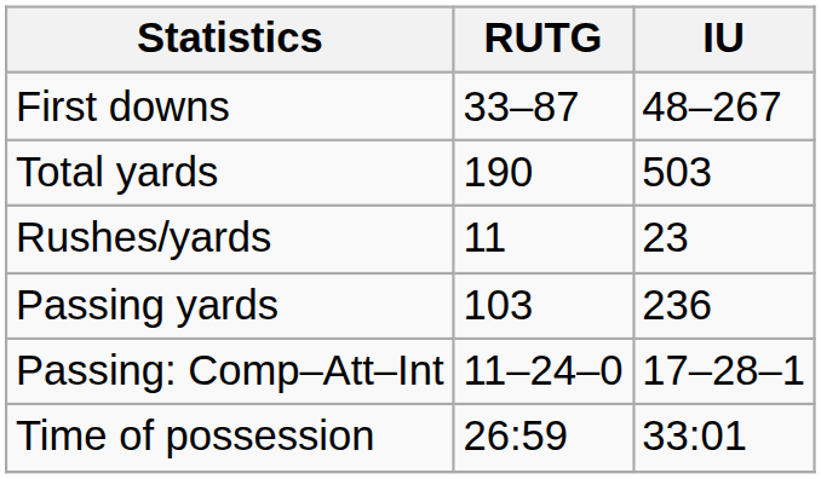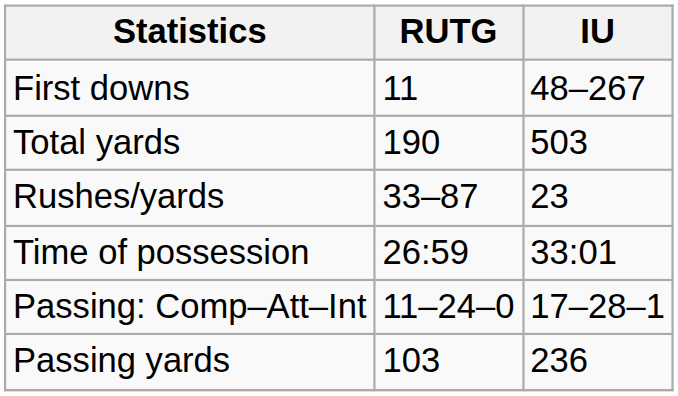 <table class="wikitable" style="float: left;">
 <tr>
 <th>Statistics</th>
 <th>RUTG</th>
 <th>IU</th>
 </tr>
 <tr>
 <td>First downs</td>
-<td>33–87</td>
+<td>11</td>
 <td>48–267</td>
 </tr>
 <tr>
 <td>Total yards</td>
 <td>190</td>
 <td>503</td>
 </tr>
 <tr>
 <td>Rushes/yards</td>
-<td>11</td>
+<td>33–87</td>
 <td>23</td>
+</tr>
+<tr>
+<td>Time of possession</td>
+<td>26:59</td>
+<td>33:01</td>
+</tr>
+<tr>
+<td>Passing: Comp–Att–Int</td>
+<td>11–24–0</td>
+<td>17–28–1</td>
 </tr>
 <tr>
 <td>Passing yards</td>
 <td>103</td>
 <td>236</td>
 </tr>
 <tr>
-<td>Passing: Comp–Att–Int</td>
-<td>11–24–0</td>
-<td>17–28–1</td>
-</tr>
-<tr>
-<td>Time of possession</td>
-<td>26:59</td>
-<td>33:01</td>
-</tr>
-<tr>
 </tr>
 </table>
